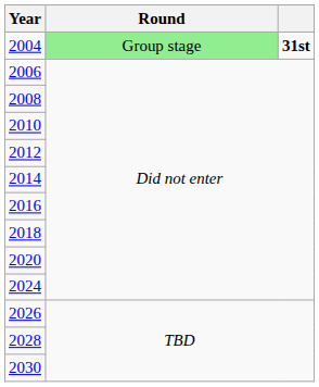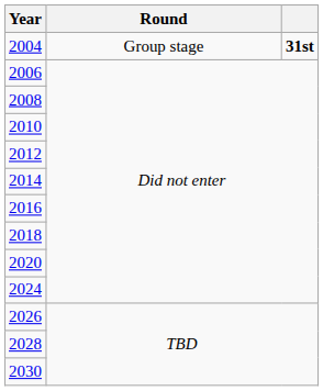 <table class="wikitable" style="text-align: center; font-size:90%">
 <tr>
 <th>Year</th>
 <th style="width:200px">Round</th>
 <th></th>
 </tr>
 <tr>
 <td><a href='#'>2004</a></td>
-<td style="background: lightgreen;">Group stage</td>
+<td>Group stage</td>
 <td><strong>31st</strong></td>
 </tr>
 <tr>
 <td><a href='#'>2006</a></td>
 <td colspan="2" rowspan="9"><em>Did not enter</em></td>
 </tr>
 <tr>
 <td><a href='#'>2008</a></td>
 </tr>
 <tr>
 <td><a href='#'>2010</a></td>
 </tr>
 <tr>
 <td><a href='#'>2012</a></td>
 </tr>
 <tr>
 <td><a href='#'>2014</a></td>
 </tr>
 <tr>
 <td><a href='#'>2016</a></td>
 </tr>
 <tr>
 <td><a href='#'>2018</a></td>
 </tr>
 <tr>
 <td><a href='#'>2020</a></td>
 </tr>
 <tr>
 <td><a href='#'>2024</a></td>
 </tr>
 <tr>
 <td><a href='#'>2026</a></td>
 <td colspan="2" rowspan="3"><em>TBD</em></td>
 </tr>
 <tr>
 <td><a href='#'>2028</a></td>
 </tr>
 <tr>
 <td><a href='#'>2030</a></td>
 </tr>
 </table>
